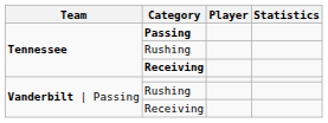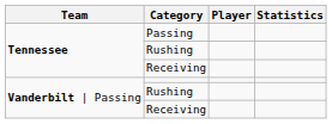 <table class="wikitable" style="float: right;">
 <tr>
 <th>Team</th>
 <th>Category</th>
 <th>Player</th>
 <th>Statistics</th>
 </tr>
 <tr>
 <td rowspan=3><strong>Tennessee</strong></td>
-<td><strong>Passing</strong></td>
+<td>Passing</td>
 <td></td>
 <td></td>
 </tr>
 <tr>
 <td>Rushing</td>
 <td></td>
 <td></td>
 </tr>
 <tr>
-<td><strong>Receiving</strong></td>
+<td>Receiving</td>
 <td></td>
 <td></td>
 </tr>
 <tr>
 <td rowspan=3><strong>Vanderbilt</strong> | Passing</td>
 <td></td>
 <td></td>
 </tr>
 <tr>
 <td>Rushing</td>
 <td></td>
 <td></td>
 </tr>
 <tr>
 <td>Receiving</td>
 <td></td>
 <td></td>
 </tr>
 </table>
